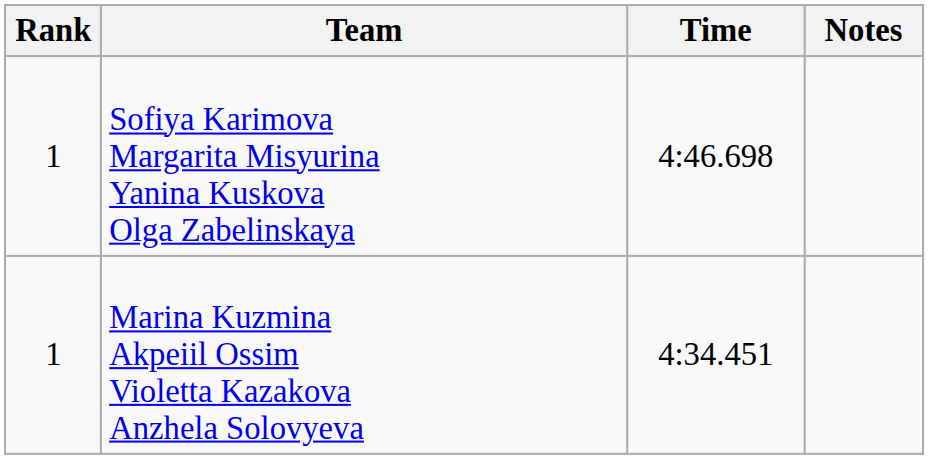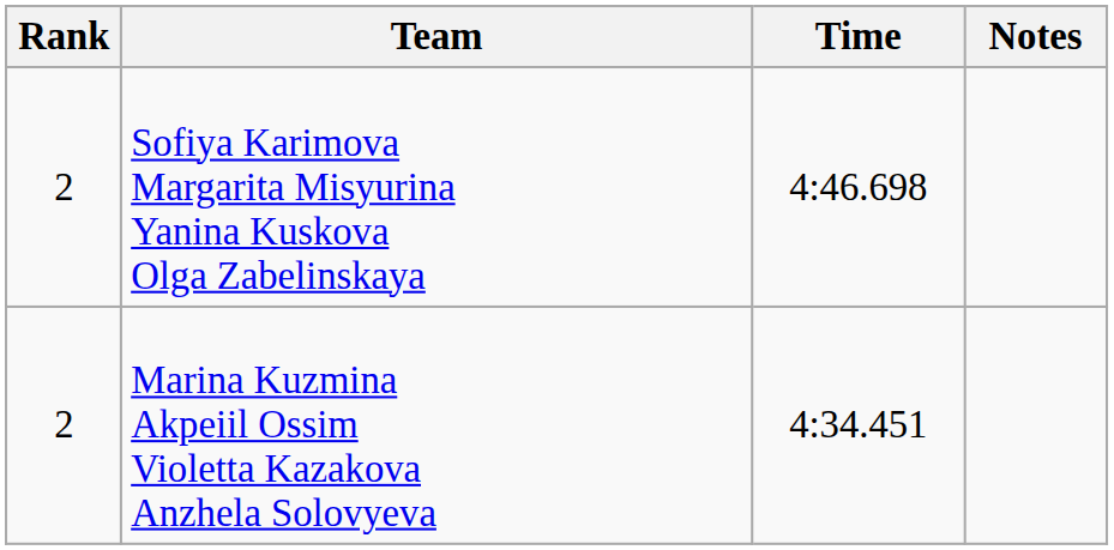 <table class=wikitable style="text-align:center">
 <tr>
 <th width=40>Rank</th>
 <th width=250>Team</th>
 <th width=80>Time</th>
 <th width=50>Notes</th>
 </tr>
 <tr>
-<td>1</td>
+<td>2</td>
 <td align=left><br><a href='#'>Sofiya Karimova</a><br><a href='#'>Margarita Misyurina</a><br><a href='#'>Yanina Kuskova</a><br><a href='#'>Olga Zabelinskaya</a></td>
 <td>4:46.698</td>
 <td></td>
 </tr>
 <tr>
-<td>1</td>
+<td>2</td>
 <td align=left><br><a href='#'>Marina Kuzmina</a><br><a href='#'>Akpeiil Ossim</a><br><a href='#'>Violetta Kazakova</a><br><a href='#'>Anzhela Solovyeva</a></td>
 <td>4:34.451</td>
 <td></td>
 </tr>
 </table>
